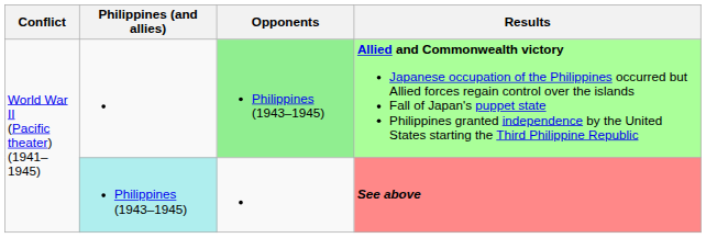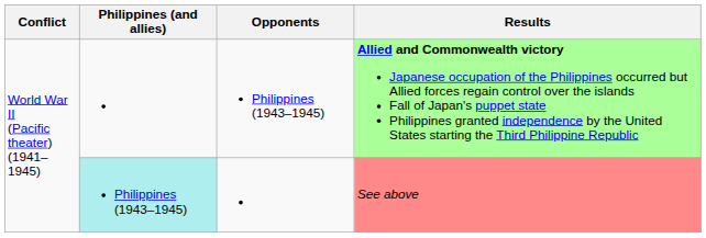 <table class="wikitable">
 <tr>
 <th scope="col">Conflict</th>
 <th scope="col">Philippines (and allies)</th>
 <th scope="col">Opponents</th>
 <th scope="col">Results</th>
 </tr>
 <tr>
 <td rowspan=2><a href='#'>World War II</a><br>(<a href='#'>Pacific theater</a>)<br>(1941–1945)</td>
 <td><br><ul><li></li></ul></td>
-<td style="background: lightgreen;"><br><ul><li> <a href='#'>Philippines</a> (1943–1945)</li></ul></td>
+<td><br><ul><li> <a href='#'>Philippines</a> (1943–1945)</li></ul></td>
 <td style="Background:#AF9"><strong><a href='#'>Allied</a> and Commonwealth victory</strong><br><ul><li><a href='#'>Japanese occupation of the Philippines</a> occurred but Allied forces regain control over the islands</li><li>Fall of Japan's <a href='#'>puppet state</a></li><li>Philippines granted <a href='#'>independence</a> by the United States starting the <a href='#'>Third Philippine Republic</a></li></ul></td>
 </tr>
 <tr>
 <td style="background: paleturquoise;"><br><ul><li> <a href='#'>Philippines</a> (1943–1945)</li></ul></td>
 <td><br><ul><li></li></ul></td>
-<td style="Background:#F88"><strong><em>See above</em></strong></td>
+<td style="Background:#F88"><em>See above</em></td>
 </tr>
 </table>
